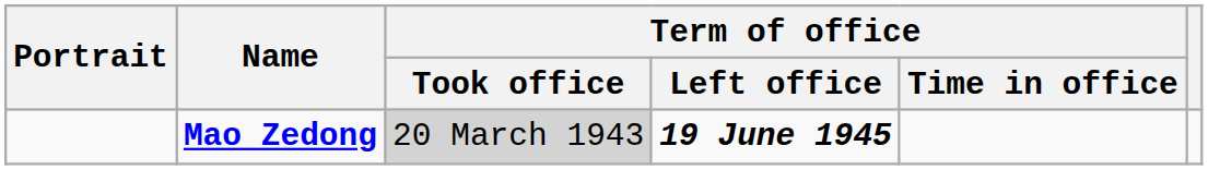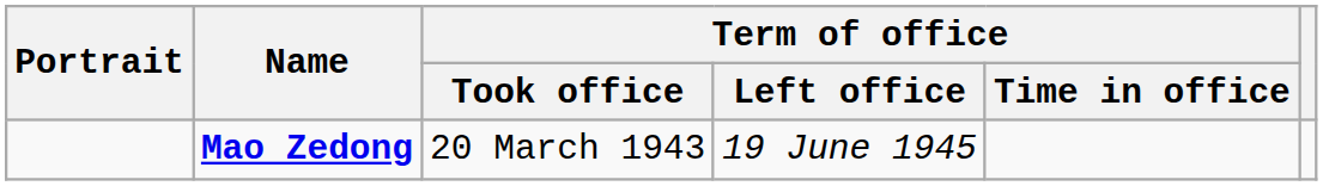 <table class="wikitable" style="text-align:center">
 <tr>
 <th rowspan=2>Portrait</th>
 <th rowspan=2>Name<br></th>
 <th colspan=3>Term of office</th>
 <th rowspan=2></th>
 </tr>
 <tr>
 <th>Took office</th>
 <th>Left office</th>
 <th>Time in office</th>
 </tr>
 <tr>
 <td></td>
 <td><strong><a href='#'>Mao Zedong</a></strong><br></td>
-<td style="background: lightgrey;">20 March 1943</td>
-<td><strong><em>19 June 1945</em></strong></td>
+<td>20 March 1943</td>
+<td><em>19 June 1945</em></td>
 <td></td>
 <td></td>
 </tr>
 </table>
